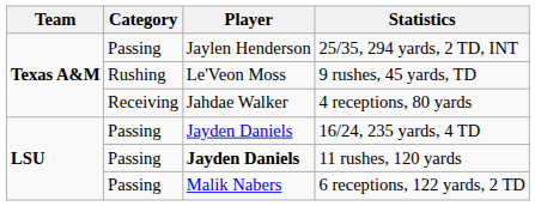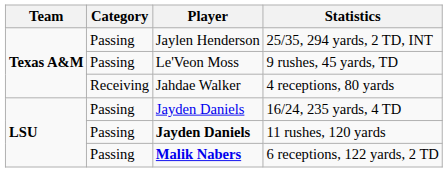 <table class="wikitable" style="float: right;">
 <tr>
 <th>Team</th>
 <th>Category</th>
 <th>Player</th>
 <th>Statistics</th>
 </tr>
 <tr>
 <td rowspan=3><strong>Texas A&M</strong></td>
 <td>Passing</td>
 <td>Jaylen Henderson</td>
 <td>25/35, 294 yards, 2 TD, INT</td>
 </tr>
 <tr>
-<td>Rushing</td>
+<td>Passing</td>
 <td>Le'Veon Moss</td>
 <td>9 rushes, 45 yards, TD</td>
 </tr>
 <tr>
 <td>Receiving</td>
 <td>Jahdae Walker</td>
 <td>4 receptions, 80 yards</td>
 </tr>
 <tr>
 <td rowspan=3><strong>LSU</strong></td>
 <td>Passing</td>
 <td><a href='#'>Jayden Daniels</a></td>
 <td>16/24, 235 yards, 4 TD</td>
 </tr>
 <tr>
 <td>Passing</td>
 <td><strong>Jayden Daniels</strong></td>
 <td>11 rushes, 120 yards</td>
 </tr>
 <tr>
 <td>Passing</td>
-<td><a href='#'>Malik Nabers</a></td>
+<td><strong><a href='#'>Malik Nabers</a></strong></td>
 <td>6 receptions, 122 yards, 2 TD</td>
 </tr>
 </table>
